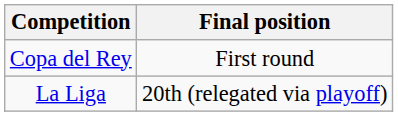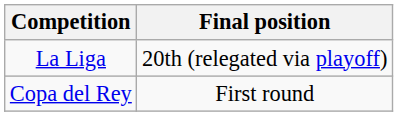 <table class="wikitable" style="font-size:100%; text-align:center">
 <tr>
 <th>Competition</th>
 <th>Final position</th>
 </tr>
 <tr style="background:">
+<td><a href='#'>La Liga</a></td>
+<td>20th (relegated via <a href='#'>playoff</a>)</td>
+</tr>
+<tr style="background:">
 <td><a href='#'>Copa del Rey</a></td>
 <td>First round</td>
 </tr>
-<tr style="background:">
-<td><a href='#'>La Liga</a></td>
-<td>20th (relegated via <a href='#'>playoff</a>)</td>
-</tr>
 </table>
